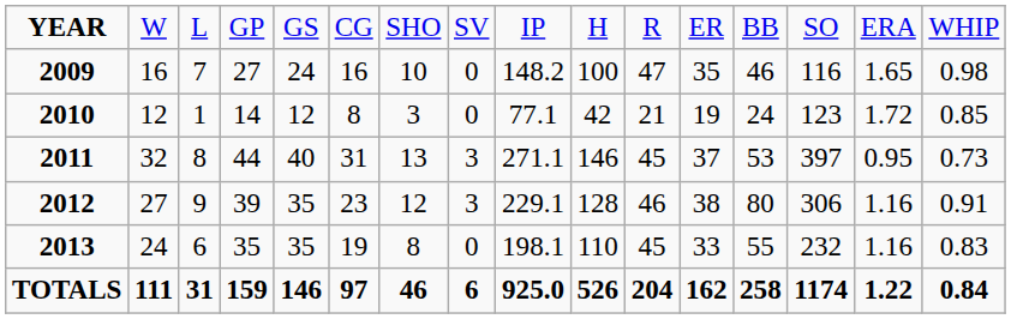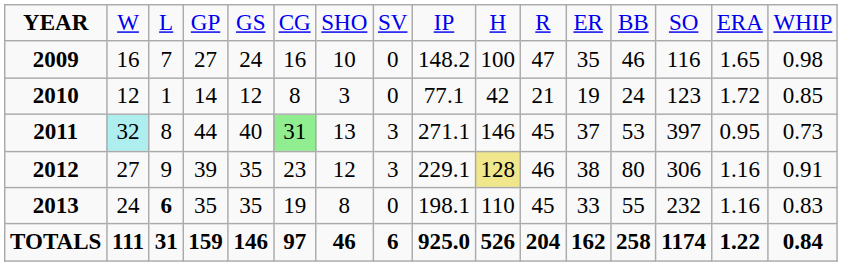 <table class="wikitable">
 <tr align=center>
 <td><strong>YEAR</strong></td>
 <td><a href='#'>W</a></td>
 <td><a href='#'>L</a></td>
 <td><a href='#'>GP</a></td>
 <td><a href='#'>GS</a></td>
 <td><a href='#'>CG</a></td>
 <td><a href='#'>SHO</a></td>
 <td><a href='#'>SV</a></td>
 <td><a href='#'>IP</a></td>
 <td><a href='#'>H</a></td>
 <td><a href='#'>R</a></td>
 <td><a href='#'>ER</a></td>
 <td><a href='#'>BB</a></td>
 <td><a href='#'>SO</a></td>
 <td><a href='#'>ERA</a></td>
 <td><a href='#'>WHIP</a></td>
 </tr>
 <tr align=center>
 <td><strong>2009</strong></td>
 <td>16</td>
 <td>7</td>
 <td>27</td>
 <td>24</td>
 <td>16</td>
 <td>10</td>
 <td>0</td>
 <td>148.2</td>
 <td>100</td>
 <td>47</td>
 <td>35</td>
 <td>46</td>
 <td>116</td>
 <td>1.65</td>
 <td>0.98</td>
 </tr>
 <tr align=center>
 <td><strong>2010</strong></td>
 <td>12</td>
 <td>1</td>
 <td>14</td>
 <td>12</td>
 <td>8</td>
 <td>3</td>
 <td>0</td>
 <td>77.1</td>
 <td>42</td>
 <td>21</td>
 <td>19</td>
 <td>24</td>
 <td>123</td>
 <td>1.72</td>
 <td>0.85</td>
 </tr>
 <tr align=center>
 <td><strong>2011</strong></td>
-<td>32</td>
+<td style="background: paleturquoise;">32</td>
 <td>8</td>
 <td>44</td>
 <td>40</td>
-<td>31</td>
+<td style="background: lightgreen;">31</td>
 <td>13</td>
 <td>3</td>
 <td>271.1</td>
 <td>146</td>
 <td>45</td>
 <td>37</td>
 <td>53</td>
 <td>397</td>
 <td>0.95</td>
 <td>0.73</td>
 </tr>
 <tr align=center>
 <td><strong>2012</strong></td>
 <td>27</td>
 <td>9</td>
 <td>39</td>
 <td>35</td>
 <td>23</td>
 <td>12</td>
 <td>3</td>
 <td>229.1</td>
-<td>128</td>
+<td style="background: khaki;">128</td>
 <td>46</td>
 <td>38</td>
 <td>80</td>
 <td>306</td>
 <td>1.16</td>
 <td>0.91</td>
 </tr>
 <tr align=center>
 <td><strong>2013</strong></td>
 <td>24</td>
-<td>6</td>
+<td><strong>6</strong></td>
 <td>35</td>
 <td>35</td>
 <td>19</td>
 <td>8</td>
 <td>0</td>
 <td>198.1</td>
 <td>110</td>
 <td>45</td>
 <td>33</td>
 <td>55</td>
 <td>232</td>
 <td>1.16</td>
 <td>0.83</td>
 </tr>
 <tr align=center>
 <td><strong>TOTALS</strong></td>
 <td><strong>111</strong></td>
 <td><strong>31</strong></td>
 <td><strong>159</strong></td>
 <td><strong>146</strong></td>
 <td><strong>97</strong></td>
 <td><strong>46</strong></td>
 <td><strong>6</strong></td>
 <td><strong>925.0</strong></td>
 <td><strong>526</strong></td>
 <td><strong>204</strong></td>
 <td><strong>162</strong></td>
 <td><strong>258</strong></td>
 <td><strong>1174</strong></td>
 <td><strong>1.22</strong></td>
 <td><strong>0.84</strong></td>
 </tr>
 </table>
